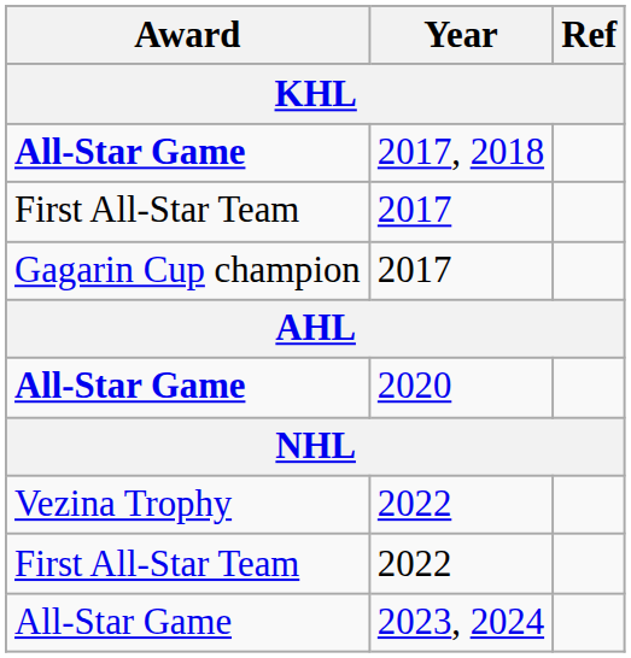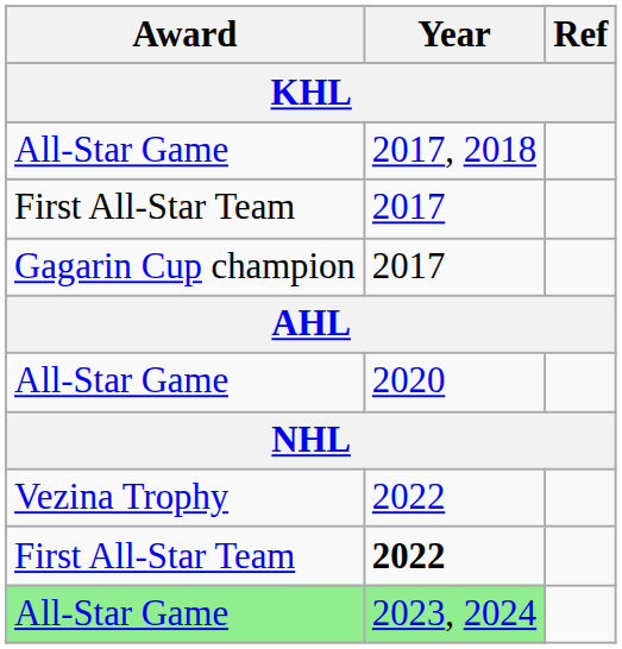 <table class="wikitable">
 <tr>
 <th>Award</th>
 <th>Year</th>
 <th>Ref</th>
 </tr>
 <tr>
 <th colspan="3"><a href='#'>KHL</a></th>
 </tr>
 <tr>
-<td><strong><a href='#'>All-Star Game</a></strong></td>
+<td><a href='#'>All-Star Game</a></td>
 <td><a href='#'>2017</a>, <a href='#'>2018</a></td>
 <td></td>
 </tr>
 <tr>
 <td>First All-Star Team</td>
 <td><a href='#'>2017</a></td>
 <td></td>
 </tr>
 <tr>
 <td><a href='#'>Gagarin Cup</a> champion</td>
 <td>2017</td>
 <td></td>
 </tr>
 <tr>
 <th colspan="3"><a href='#'>AHL</a></th>
 </tr>
 <tr>
-<td><strong><a href='#'>All-Star Game</a></strong></td>
+<td><a href='#'>All-Star Game</a></td>
 <td><a href='#'>2020</a></td>
 <td></td>
 </tr>
 <tr>
 <th colspan="3"><a href='#'>NHL</a></th>
 </tr>
 <tr>
 <td><a href='#'>Vezina Trophy</a></td>
 <td><a href='#'>2022</a></td>
 <td></td>
 </tr>
 <tr>
 <td><a href='#'>First All-Star Team</a></td>
-<td>2022</td>
+<td><strong>2022</strong></td>
 <td></td>
 </tr>
 <tr>
-<td><a href='#'>All-Star Game</a></td>
-<td><a href='#'>2023</a>, <a href='#'>2024</a></td>
+<td style="background: lightgreen;"><a href='#'>All-Star Game</a></td>
+<td style="background: lightgreen;"><a href='#'>2023</a>, <a href='#'>2024</a></td>
 <td></td>
 </tr>
 </table>
